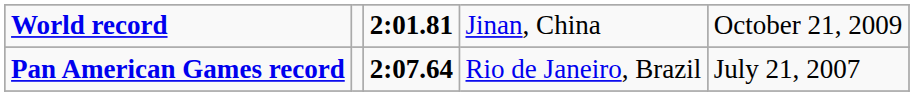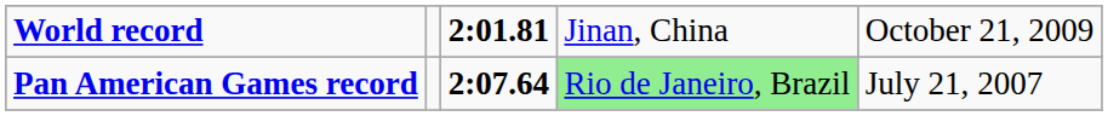 <table class="wikitable">
 <tr>
 <td><strong><a href='#'>World record</a></strong></td>
 <td></td>
 <td><strong>2:01.81</strong></td>
 <td><a href='#'>Jinan</a>, China</td>
 <td>October 21, 2009</td>
 </tr>
 <tr>
 <td><strong><a href='#'>Pan American Games record</a></strong></td>
 <td></td>
 <td><strong>2:07.64</strong></td>
-<td><a href='#'>Rio de Janeiro</a>, Brazil</td>
+<td style="background: lightgreen;"><a href='#'>Rio de Janeiro</a>, Brazil</td>
 <td>July 21, 2007</td>
 </tr>
 </table>
